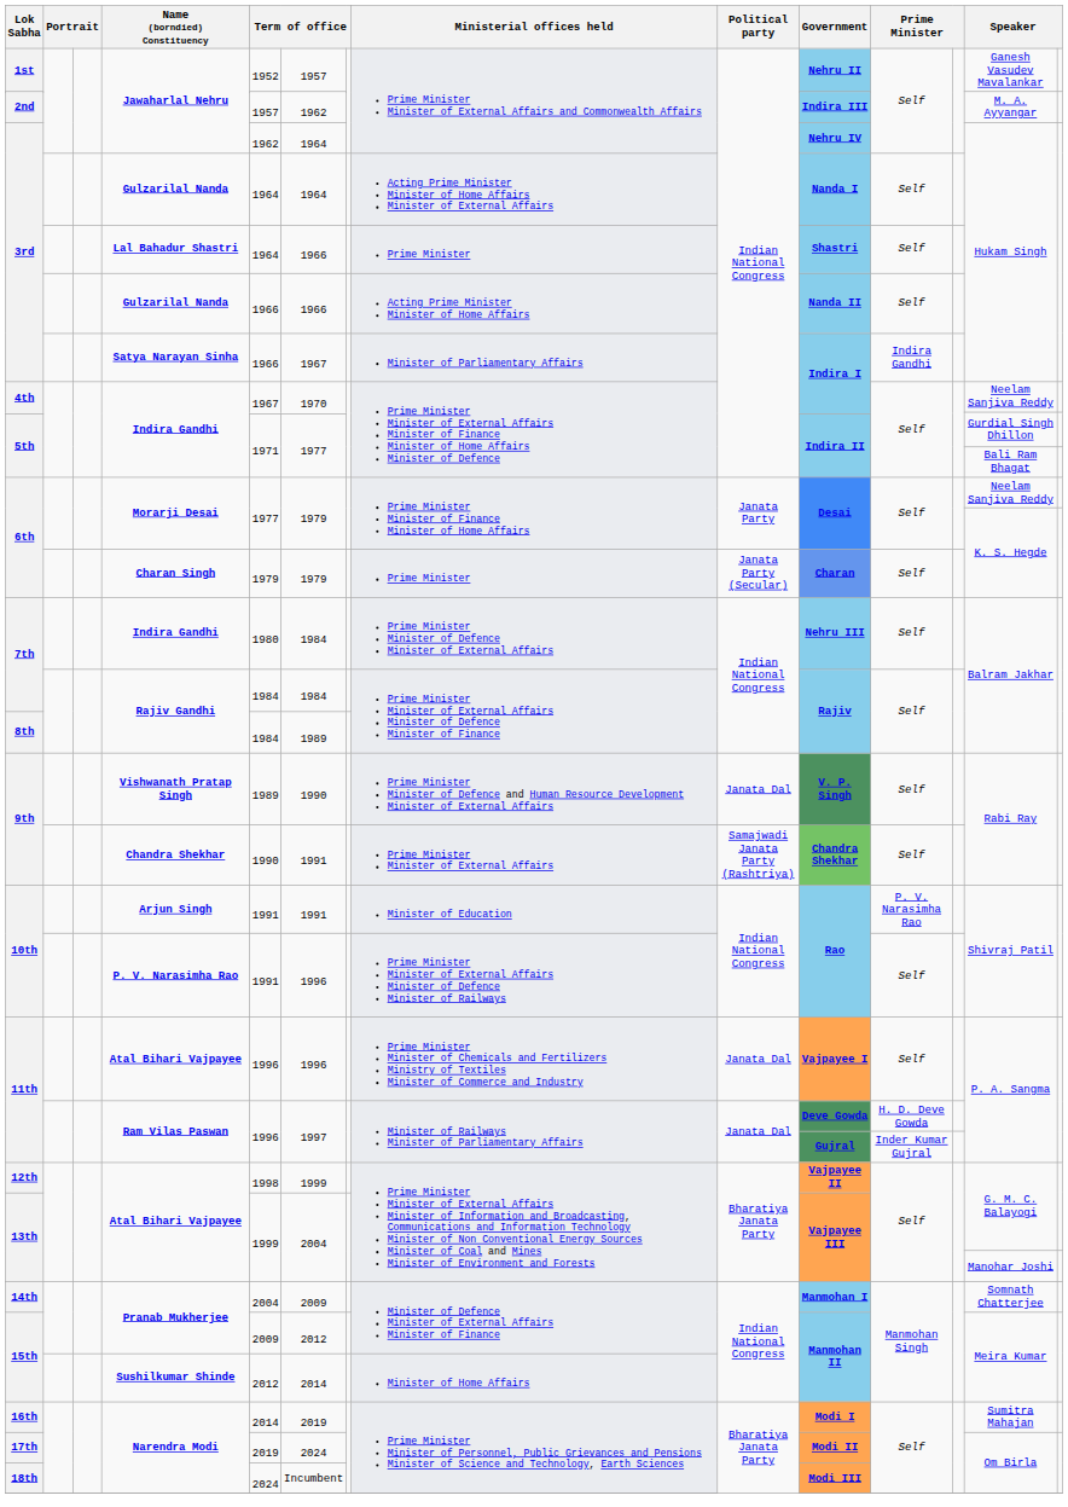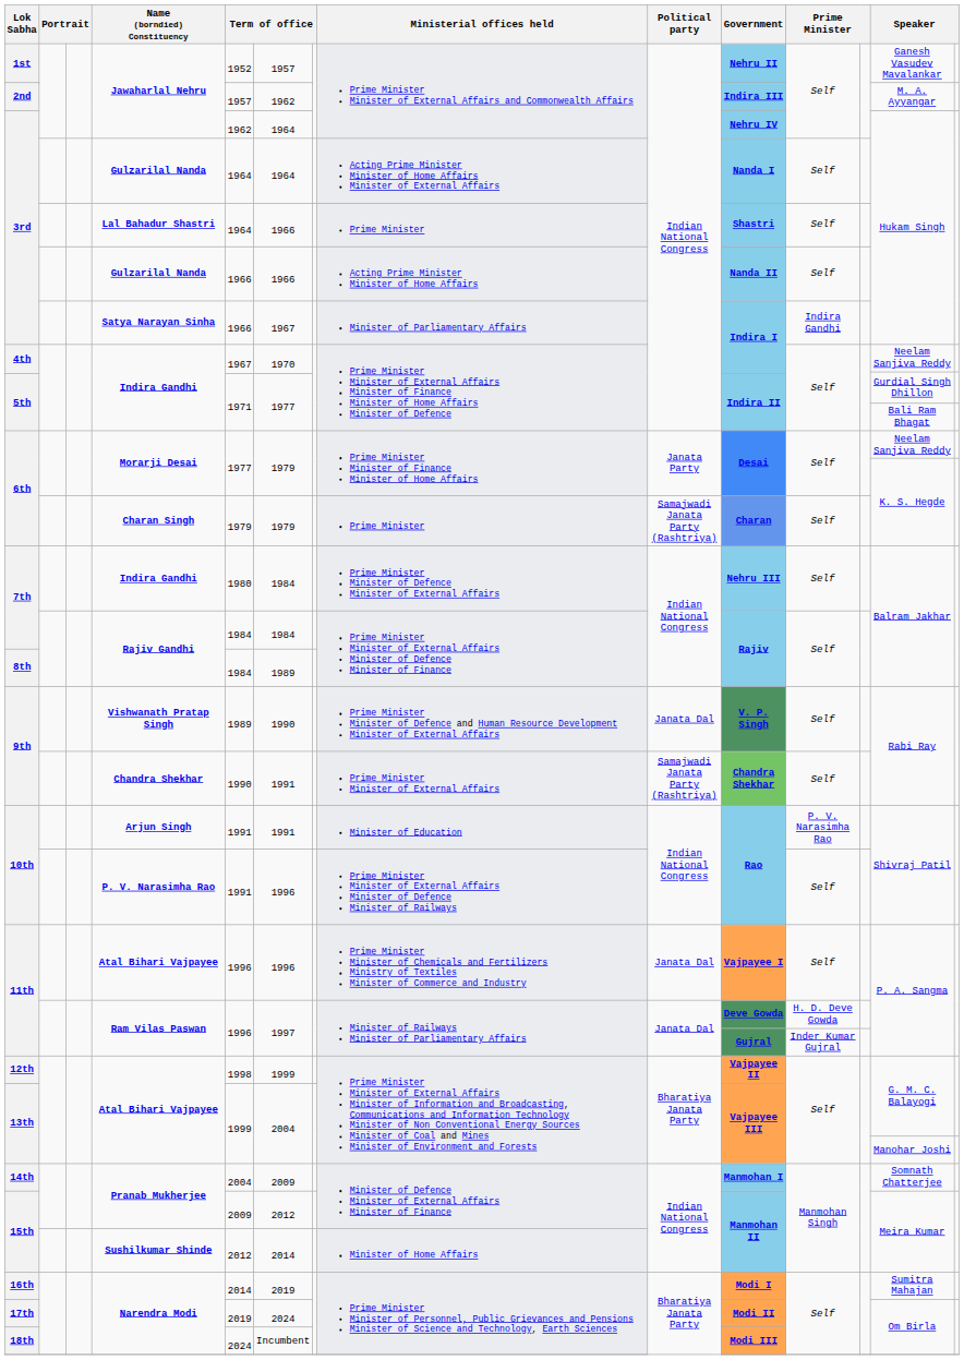 <table class=wikitable style="text-align:center">
 <tr>
 <th>Lok<br>Sabha</th>
 <th colspan="2">Portrait</th>
 <th style="width:13em">Name<br><small>(borndied)<br>Constituency</small></th>
 <th colspan="3">Term of office</th>
 <th>Ministerial offices held</th>
 <th style="width:7em">Political party</th>
 <th style="width:6em">Government</th>
 <th colspan="2">Prime Minister</th>
 <th colspan="2">Speaker<br></th>
 </tr>
 <tr>
 <th rowspan="2"><a href='#'>1st</a></th>
 <td rowspan="4"></td>
 <td rowspan="4"></td>
 <td rowspan="4"><strong><a href='#'>Jawaharlal Nehru</a></strong><br></td>
 <td rowspan="2"><br>1952</td>
 <td rowspan="2"><br>1957</td>
 <td rowspan="4"></td>
 <td rowspan="4" align="left" style="background:#eaecf0; font-size:90%"><br><ul><li><a href='#'>Prime Minister</a></li><li><a href='#'>Minister of External Affairs and Commonwealth Affairs</a></li></ul></td>
 <td rowspan="12"><a href='#'>Indian National Congress</a></td>
 <td rowspan="2" bgcolor="#87CEEB"><a href='#'><strong>Nehru II</strong></a></td>
 <td style="width:7em" rowspan="4"><em>Self</em></td>
 <td rowspan="4"></td>
 <td style="width:8em"><a href='#'>Ganesh Vasudev Mavalankar</a><br></td>
 <td></td>
 </tr>
 <tr>
 <td rowspan="2"><a href='#'>M. A. Ayyangar</a><br></td>
 <td rowspan="2"></td>
 </tr>
 <tr>
 <th><a href='#'>2nd</a></th>
 <td><br>1957</td>
 <td><br>1962</td>
 <td bgcolor="#87CEEB"><a href='#'><strong>Indira III</strong></a></td>
 </tr>
 <tr>
 <th rowspan="5"><a href='#'>3rd</a></th>
 <td><br>1962</td>
 <td><br>1964</td>
 <td bgcolor="#87CEEB"><a href='#'><strong>Nehru IV</strong></a></td>
 <td rowspan="5"><a href='#'>Hukam Singh</a><br></td>
 <td rowspan="5"></td>
 </tr>
 <tr>
 <td></td>
 <td></td>
 <td><strong><a href='#'>Gulzarilal Nanda</a></strong><br></td>
 <td><br>1964</td>
 <td><br>1964</td>
 <td></td>
 <td align="left" style="background:#eaecf0; font-size:90%"><br><ul><li><a href='#'>Acting Prime Minister</a></li><li><a href='#'>Minister of Home Affairs</a></li><li><a href='#'>Minister of External Affairs</a></li></ul></td>
 <td bgcolor="#87CEEB"><a href='#'><strong>Nanda I</strong></a></td>
 <td><em>Self</em></td>
 <td></td>
 </tr>
 <tr>
 <td></td>
 <td></td>
 <td><strong><a href='#'>Lal Bahadur Shastri</a></strong><br></td>
 <td><br>1964</td>
 <td><br>1966</td>
 <td></td>
 <td align="left" style="background:#eaecf0; font-size:90%"><br><ul><li><a href='#'>Prime Minister</a></li></ul></td>
 <td bgcolor="#87CEEB"><a href='#'><strong>Shastri</strong></a></td>
 <td><em>Self</em></td>
 <td></td>
 </tr>
 <tr>
 <td></td>
 <td></td>
 <td><strong><a href='#'>Gulzarilal Nanda</a></strong><br></td>
 <td><br>1966</td>
 <td><br>1966</td>
 <td></td>
 <td align="left" style="background:#eaecf0; font-size:90%"><br><ul><li><a href='#'>Acting Prime Minister</a></li><li><a href='#'>Minister of Home Affairs</a></li></ul></td>
 <td bgcolor="#87CEEB"><a href='#'><strong>Nanda II</strong></a></td>
 <td><em>Self</em></td>
 <td></td>
 </tr>
 <tr>
 <td></td>
 <td></td>
 <td><strong><a href='#'>Satya Narayan Sinha</a></strong><br></td>
 <td><br>1966</td>
 <td><br>1967</td>
 <td></td>
 <td align="left" style="background:#eaecf0; font-size:90%"><br><ul><li><a href='#'>Minister of Parliamentary Affairs</a></li></ul></td>
 <td rowspan="3" bgcolor="#87CEEB"><a href='#'><strong>Indira I</strong></a></td>
 <td><a href='#'>Indira Gandhi</a></td>
 <td></td>
 </tr>
 <tr>
 <th rowspan="2"><a href='#'>4th</a></th>
 <td rowspan="4"></td>
 <td rowspan="4"></td>
 <td rowspan="4"><strong><a href='#'>Indira Gandhi</a></strong><br></td>
 <td rowspan="2"><br>1967</td>
 <td rowspan="2"><br>1970</td>
 <td rowspan="4"></td>
 <td rowspan="4" align="left" style="background:#eaecf0; font-size:90%"><br><ul><li><a href='#'>Prime Minister</a></li><li><a href='#'>Minister of External Affairs</a> </li><li><a href='#'>Minister of Finance</a> </li><li><a href='#'>Minister of Home Affairs</a> </li><li><a href='#'>Minister of Defence</a> </li></ul></td>
 <td rowspan="4"><em>Self</em></td>
 <td rowspan="4"></td>
 <td><a href='#'>Neelam Sanjiva Reddy</a><br></td>
 <td></td>
 </tr>
 <tr>
 <td rowspan="2"><a href='#'>Gurdial Singh Dhillon</a><br></td>
 <td rowspan="2"></td>
 </tr>
 <tr>
 <th rowspan="2"><a href='#'>5th</a></th>
 <td rowspan="2"><br>1971</td>
 <td rowspan="2"><br>1977</td>
 <td rowspan="2" bgcolor="#87CEEB"><a href='#'><strong>Indira II</strong></a></td>
 </tr>
 <tr>
 <td><a href='#'>Bali Ram Bhagat</a><br></td>
 <td></td>
 </tr>
 <tr>
 <th rowspan="3"><a href='#'>6th</a></th>
 <td rowspan="2"></td>
 <td rowspan="2"></td>
 <td rowspan="2"><strong><a href='#'>Morarji Desai</a></strong><br></td>
 <td rowspan="2"><br>1977</td>
 <td rowspan="2"><br>1979</td>
 <td rowspan="2"></td>
 <td rowspan="2" align="left" style="background:#eaecf0; font-size:90%"><br><ul><li><a href='#'>Prime Minister</a></li><li><a href='#'>Minister of Finance</a> </li><li><a href='#'>Minister of Home Affairs</a> </li></ul></td>
 <td rowspan="2"><a href='#'>Janata Party</a></td>
 <td rowspan="2" bgcolor="#4089F7"><a href='#'><strong>Desai</strong></a></td>
 <td rowspan="2"><em>Self</em></td>
 <td rowspan="2"></td>
 <td><a href='#'>Neelam Sanjiva Reddy</a><br></td>
 <td></td>
 </tr>
 <tr>
 <td rowspan="2"><a href='#'>K. S. Hegde</a><br></td>
 <td rowspan="2"></td>
 </tr>
 <tr>
 <td></td>
 <td></td>
 <td><strong><a href='#'>Charan Singh</a></strong><br></td>
 <td><br>1979</td>
 <td><br>1979</td>
 <td></td>
 <td align="left" style="background:#eaecf0; font-size:90%"><br><ul><li><a href='#'>Prime Minister</a></li></ul></td>
-<td><a href='#'>Janata Party (Secular)</a></td>
+<td><a href='#'>Samajwadi Janata Party (Rashtriya)</a></td>
 <td bgcolor="#6495ED"><strong><a href='#'>Charan</a></strong></td>
 <td><em>Self</em></td>
 <td></td>
 </tr>
 <tr>
 <th rowspan="2"><a href='#'>7th</a></th>
 <td></td>
 <td></td>
 <td><strong><a href='#'>Indira Gandhi</a></strong><br></td>
 <td><br>1980</td>
 <td><br>1984</td>
 <td></td>
 <td align="left" style="background:#eaecf0; font-size:90%"><br><ul><li><a href='#'>Prime Minister</a></li><li><a href='#'>Minister of Defence</a> </li><li><a href='#'>Minister of External Affairs</a> </li></ul></td>
 <td rowspan="3"><a href='#'>Indian National Congress</a></td>
 <td bgcolor="#87CEEB"><a href='#'><strong>Nehru III</strong></a></td>
 <td><em>Self</em></td>
 <td></td>
 <td rowspan="3"><a href='#'>Balram Jakhar</a><br></td>
 <td rowspan="3"></td>
 </tr>
 <tr>
 <td rowspan="2"></td>
 <td rowspan="2"></td>
 <td rowspan="2"><strong><a href='#'>Rajiv Gandhi</a></strong><br></td>
 <td><br>1984</td>
 <td><br>1984</td>
 <td></td>
 <td rowspan="2" align="left" style="background:#eaecf0; font-size:90%"><br><ul><li><a href='#'>Prime Minister</a></li><li><a href='#'>Minister of External Affairs</a> </li><li><a href='#'>Minister of Defence</a> </li><li><a href='#'>Minister of Finance</a> </li></ul></td>
 <td rowspan="2" bgcolor="#87CEEB"><a href='#'><strong>Rajiv</strong></a></td>
 <td rowspan="2"><em>Self</em></td>
 <td rowspan="2"></td>
 </tr>
 <tr>
 <th><a href='#'>8th</a></th>
 <td><br>1984</td>
 <td><br>1989</td>
 <td></td>
 </tr>
 <tr>
 <th rowspan="2"><a href='#'>9th</a></th>
 <td></td>
 <td></td>
 <td><strong><a href='#'>Vishwanath Pratap Singh</a></strong><br></td>
 <td><br>1989</td>
 <td><br>1990</td>
 <td></td>
 <td align="left" style="background:#eaecf0; font-size:90%"><br><ul><li><a href='#'>Prime Minister</a></li><li><a href='#'>Minister of Defence</a> and <a href='#'>Human Resource Development</a></li><li><a href='#'>Minister of External Affairs</a> </li></ul></td>
 <td><a href='#'>Janata Dal</a></td>
 <td style="background:#4C915F"><strong><a href='#'>V. P. Singh</a></strong></td>
 <td><em>Self</em></td>
 <td></td>
 <td rowspan="2"><a href='#'>Rabi Ray</a><br></td>
 <td rowspan="2"></td>
 </tr>
 <tr>
 <td></td>
 <td></td>
 <td><strong><a href='#'>Chandra Shekhar</a></strong><br></td>
 <td><br>1990</td>
 <td><br>1991</td>
 <td></td>
 <td align="left" style="background:#eaecf0; font-size:90%"><br><ul><li><a href='#'>Prime Minister</a></li><li><a href='#'>Minister of External Affairs</a> </li></ul></td>
 <td><a href='#'>Samajwadi Janata Party (Rashtriya)</a></td>
 <td style="background:#74C365"><strong><a href='#'>Chandra Shekhar</a></strong></td>
 <td><em>Self</em></td>
 <td></td>
 </tr>
 <tr>
 <th rowspan="2"><a href='#'>10th</a></th>
 <td></td>
 <td></td>
 <td><strong><a href='#'>Arjun Singh</a></strong><br></td>
 <td><br>1991</td>
 <td><br>1991</td>
 <td></td>
 <td align="left" style="background:#eaecf0; font-size:90%"><br><ul><li><a href='#'>Minister of Education</a></li></ul></td>
 <td rowspan="2"><a href='#'>Indian National Congress</a></td>
 <td rowspan="2" bgcolor="#87CEEB"><strong><a href='#'>Rao</a></strong></td>
 <td><a href='#'>P. V. Narasimha Rao</a></td>
 <td></td>
 <td rowspan="2"><a href='#'>Shivraj Patil</a><br></td>
 <td rowspan="2"></td>
 </tr>
 <tr>
 <td></td>
 <td></td>
 <td><strong><a href='#'>P. V. Narasimha Rao</a></strong><br></td>
 <td><br>1991</td>
 <td><br>1996</td>
 <td></td>
 <td align="left" style="background:#eaecf0; font-size:90%"><br><ul><li><a href='#'>Prime Minister</a></li><li><a href='#'>Minister of External Affairs</a> </li><li><a href='#'>Minister of Defence</a> </li><li><a href='#'>Minister of Railways</a> </li></ul></td>
 <td><em>Self</em></td>
 <td></td>
 </tr>
 <tr>
 <th rowspan="3"><a href='#'>11th</a></th>
 <td></td>
 <td></td>
 <td><strong><a href='#'>Atal Bihari Vajpayee</a></strong><br></td>
 <td><br>1996</td>
 <td><br>1996</td>
 <td></td>
 <td align="left" style="background:#eaecf0; font-size:90%"><br><ul><li><a href='#'>Prime Minister</a></li><li><a href='#'>Minister of Chemicals and Fertilizers</a></li><li><a href='#'>Ministry of Textiles</a></li><li><a href='#'>Minister of Commerce and Industry</a></li></ul></td>
 <td><a href='#'>Janata Dal</a></td>
 <td style="background:#FFA551;"><strong><a href='#'>Vajpayee I</a></strong></td>
 <td><em>Self</em></td>
 <td></td>
 <td rowspan="3"><a href='#'>P. A. Sangma</a><br></td>
 <td rowspan="3"></td>
 </tr>
 <tr>
 <td rowspan="2"></td>
 <td rowspan="2"></td>
 <td rowspan="2"><strong><a href='#'>Ram Vilas Paswan</a></strong><br></td>
 <td rowspan="2"><br>1996</td>
 <td rowspan="2"><br>1997</td>
 <td rowspan="2'"></td>
 <td rowspan="2" align="left" style="background:#eaecf0; font-size:90%"><br><ul><li><a href='#'>Minister of Railways</a></li><li><a href='#'>Minister of Parliamentary Affairs</a> </li></ul></td>
 <td rowspan="2"><a href='#'>Janata Dal</a></td>
 <td style="background:#4C915F;"><strong><a href='#'>Deve Gowda</a></strong></td>
 <td><a href='#'>H. D. Deve Gowda</a></td>
 <td></td>
 </tr>
 <tr>
 <td style="background:#4C915F;"><strong><a href='#'>Gujral</a></strong></td>
 <td><a href='#'>Inder Kumar Gujral</a></td>
 <td></td>
 </tr>
 <tr>
 <th><a href='#'>12th</a></th>
 <td rowspan="3"></td>
 <td rowspan="3"></td>
 <td rowspan="3"><strong><a href='#'>Atal Bihari Vajpayee</a></strong><br></td>
 <td><br>1998</td>
 <td><br>1999</td>
 <td></td>
 <td rowspan="3" align="left" style="background:#eaecf0; font-size:90%"><br><ul><li><a href='#'>Prime Minister</a></li><li><a href='#'>Minister of External Affairs</a> </li><li><a href='#'>Minister of Information and Broadcasting</a>, <a href='#'>Communications and Information Technology</a> </li><li><a href='#'>Minister of Non Conventional Energy Sources</a> </li><li><a href='#'>Minister of Coal</a> and <a href='#'>Mines</a> </li><li><a href='#'>Minister of Environment and Forests</a> </li></ul></td>
 <td rowspan="3"><a href='#'>Bharatiya Janata Party</a></td>
 <td style="background:#FFA551;"><strong><a href='#'>Vajpayee II</a></strong></td>
 <td rowspan="3"><em>Self</em></td>
 <td rowspan="3"></td>
 <td rowspan="2"><a href='#'>G. M. C. Balayogi</a><br></td>
 <td rowspan="2"></td>
 </tr>
 <tr>
 <th rowspan="2"><a href='#'>13th</a></th>
 <td rowspan="2"><br>1999</td>
 <td rowspan="2"><br>2004</td>
 <td rowspan="2"></td>
 <td rowspan="2" style="background:#FFA551;"><strong><a href='#'>Vajpayee III</a></strong></td>
 </tr>
 <tr>
 <td><a href='#'>Manohar Joshi</a><br></td>
 <td></td>
 </tr>
 <tr>
 <th><a href='#'>14th</a></th>
 <td rowspan="2"></td>
 <td rowspan="2"></td>
 <td rowspan="2"><strong><a href='#'>Pranab Mukherjee</a></strong><br></td>
 <td><br>2004</td>
 <td><br>2009</td>
 <td></td>
 <td rowspan="2" align="left" style="background:#eaecf0; font-size:90%"><br><ul><li><a href='#'>Minister of Defence</a> </li><li><a href='#'>Minister of External Affairs</a> </li><li><a href='#'>Minister of Finance</a> </li></ul></td>
 <td rowspan="3"><a href='#'>Indian National Congress</a></td>
 <td bgcolor="#87CEEB"><strong><a href='#'>Manmohan I</a></strong></td>
 <td rowspan="3"><a href='#'>Manmohan Singh</a></td>
 <td rowspan="3"></td>
 <td><a href='#'>Somnath Chatterjee</a><br></td>
 <td></td>
 </tr>
 <tr>
 <th rowspan="2"><a href='#'>15th</a></th>
 <td><br>2009</td>
 <td><br>2012</td>
 <td></td>
 <td rowspan="2" bgcolor="#87CEEB"><strong><a href='#'>Manmohan II</a></strong></td>
 <td rowspan="2"><a href='#'>Meira Kumar</a><br></td>
 <td rowspan="2"></td>
 </tr>
 <tr>
 <td></td>
 <td></td>
 <td><strong><a href='#'>Sushilkumar Shinde</a></strong><br></td>
 <td><br>2012</td>
 <td><br>2014</td>
 <td></td>
 <td align="left" style="background:#eaecf0; font-size:90%"><br><ul><li><a href='#'>Minister of Home Affairs</a></li></ul></td>
 </tr>
 <tr>
 <th><a href='#'>16th</a></th>
 <td rowspan="3"></td>
 <td rowspan="3"></td>
 <td rowspan="3"><strong><a href='#'>Narendra Modi</a></strong><br></td>
 <td><br>2014</td>
 <td><br>2019</td>
 <td rowspan="3"></td>
 <td rowspan="3" align="left" style="background:#eaecf0; font-size:90%"><br><ul><li><a href='#'>Prime Minister</a></li><li><a href='#'>Minister of Personnel, Public Grievances and Pensions</a></li><li><a href='#'>Minister of Science and Technology</a>, <a href='#'>Earth Sciences</a> </li></ul></td>
 <td rowspan="23"><a href='#'>Bharatiya Janata Party</a></td>
 <td style="background:#FFA551;"><strong><a href='#'>Modi I</a></strong></td>
 <td rowspan="3"><em>Self</em></td>
 <td rowspan="3"></td>
 <td><a href='#'>Sumitra Mahajan</a><br></td>
 <td></td>
 </tr>
 <tr>
 <th><a href='#'>17th</a></th>
 <td><br>2019</td>
 <td><br>2024</td>
 <td style="background:#FFA551;"><strong><a href='#'>Modi II</a></strong></td>
 <td rowspan="2"><a href='#'>Om Birla</a><br></td>
 <td rowspan="2"></td>
 </tr>
 <tr>
 <th><a href='#'>18th</a></th>
 <td><br>2024</td>
 <td>Incumbent</td>
 <td style="background:#FFA551;"><strong><a href='#'>Modi III</a></strong></td>
 </tr>
 <tr>
 </tr>
 </table>
